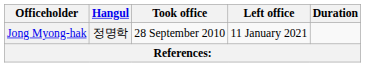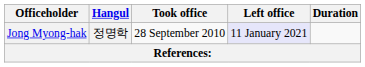 <table class="wikitable sortable">
 <tr>
 <th scope="col">Officeholder</th>
 <th class="unsortable"><a href='#'>Hangul</a></th>
 <th scope="col">Took office</th>
 <th scope="col">Left office</th>
 <th scope="col">Duration</th>
 </tr>
 <tr>
 <th align="center" scope="row" style="font-weight:normal;"><a href='#'>Jong Myong-hak</a></th>
 <th align="center" scope="row" style="font-weight:normal;">정명학</th>
 <td align="center">28 September 2010</td>
-<td align="center">11 January 2021</td>
+<td align="center" style="background: lavender;">11 January 2021</td>
 <td align="center"></td>
 </tr>
 <tr>
 <th colspan="5" unsortable><strong>References:</strong><br></th>
 </tr>
 </table>
